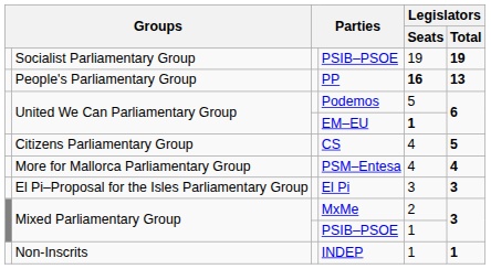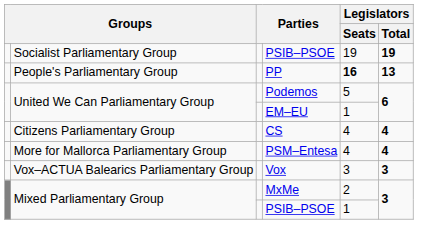 <table class="wikitable" style="text-align:left;">
 <tr>
 <th rowspan="2" colspan="2">Groups</th>
 <th rowspan="2" colspan="2">Parties</th>
 <th colspan="2">Legislators</th>
 </tr>
 <tr>
 <th>Seats</th>
 <th>Total</th>
 </tr>
 <tr>
 <td width="1" style="color:inherit;background:"></td>
 <td>Socialist Parliamentary Group</td>
 <td width="1" style="color:inherit;background:"></td>
 <td><a href='#'>PSIB–PSOE</a></td>
 <td>19</td>
 <td><strong>19</strong></td>
 </tr>
 <tr>
 <td style="color:inherit;background:"></td>
 <td>People's Parliamentary Group</td>
 <td style="color:inherit;background:"></td>
 <td><a href='#'>PP</a></td>
 <td><strong>16</strong></td>
 <td><strong>13</strong></td>
 </tr>
 <tr>
 <td rowspan="2" style="color:inherit;background:"></td>
 <td rowspan="2">United We Can Parliamentary Group</td>
 <td style="color:inherit;background:"></td>
 <td><a href='#'>Podemos</a></td>
 <td>5</td>
 <td rowspan="2"><strong>6</strong></td>
 </tr>
 <tr>
 <td style="color:inherit;background:"></td>
 <td><a href='#'>EM–EU</a></td>
-<td><strong>1</strong></td>
+<td>1</td>
 </tr>
 <tr>
 <td style="color:inherit;background:"></td>
 <td>Citizens Parliamentary Group</td>
 <td style="color:inherit;background:"></td>
 <td><a href='#'>CS</a></td>
 <td>4</td>
-<td><strong>5</strong></td>
+<td><strong>4</strong></td>
 </tr>
 <tr>
 <td style="color:inherit;background:"></td>
 <td>More for Mallorca Parliamentary Group</td>
 <td style="color:inherit;background:"></td>
 <td><a href='#'>PSM–Entesa</a></td>
 <td>4</td>
 <td><strong>4</strong></td>
 </tr>
 <tr>
 <td style="color:inherit;background:"></td>
-<td>El Pi–Proposal for the Isles Parliamentary Group</td>
+<td>Vox–ACTUA Balearics Parliamentary Group</td>
 <td style="color:inherit;background:"></td>
-<td><a href='#'>El Pi</a></td>
+<td><a href='#'>Vox</a></td>
 <td>3</td>
 <td><strong>3</strong></td>
 </tr>
 <tr>
 <td rowspan="2" bgcolor="gray"></td>
 <td rowspan="2">Mixed Parliamentary Group</td>
 <td style="color:inherit;background:"></td>
 <td><a href='#'>MxMe</a></td>
 <td>2</td>
 <td rowspan="2"><strong>3</strong></td>
 </tr>
 <tr>
 <td style="color:inherit;background:"></td>
 <td><a href='#'>PSIB–PSOE</a></td>
 <td>1</td>
 </tr>
-<tr>
-<td style="color:inherit;background:"></td>
-<td>Non-Inscrits</td>
-<td style="color:inherit;background:"></td>
-<td><a href='#'>INDEP</a></td>
-<td>1</td>
-<td><strong>1</strong></td>
-</tr>
 </table>
